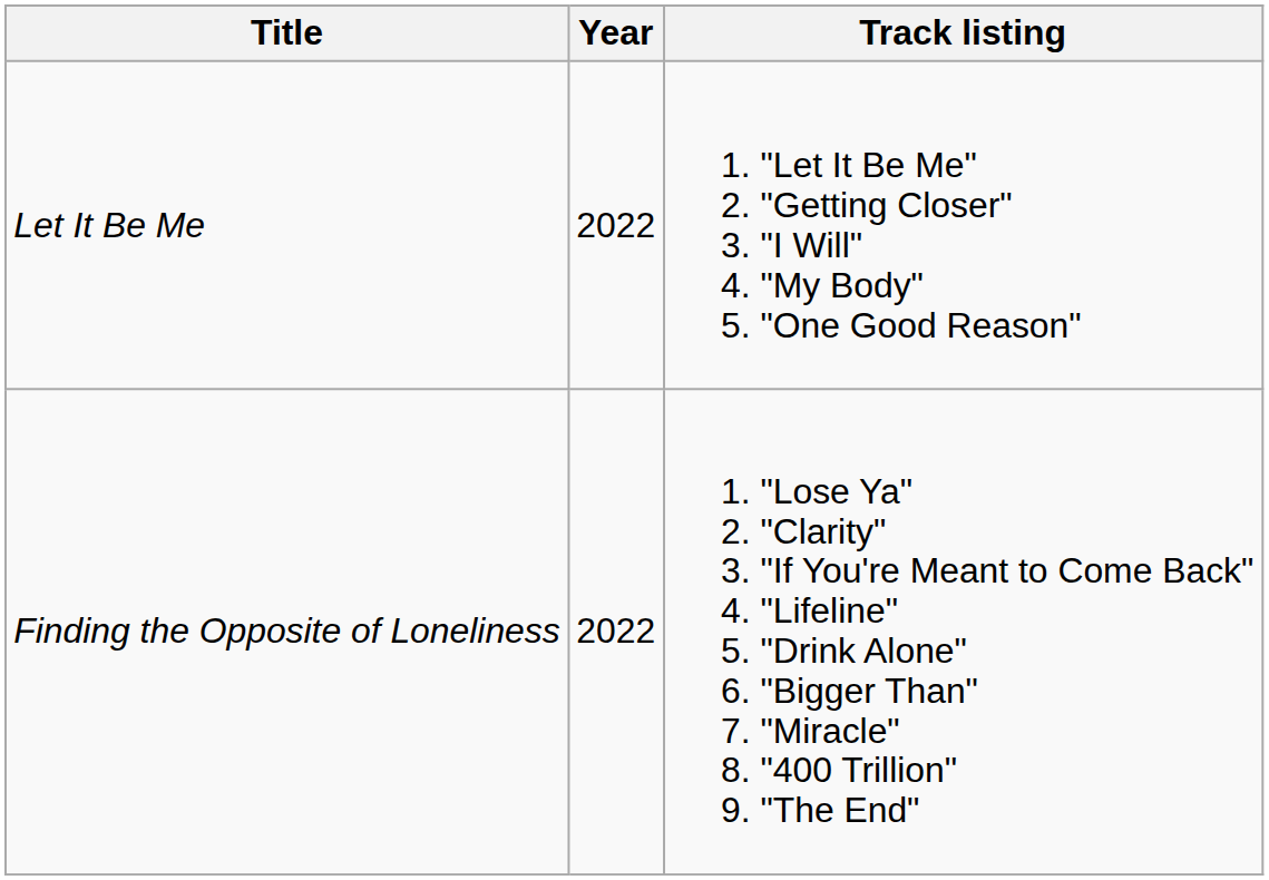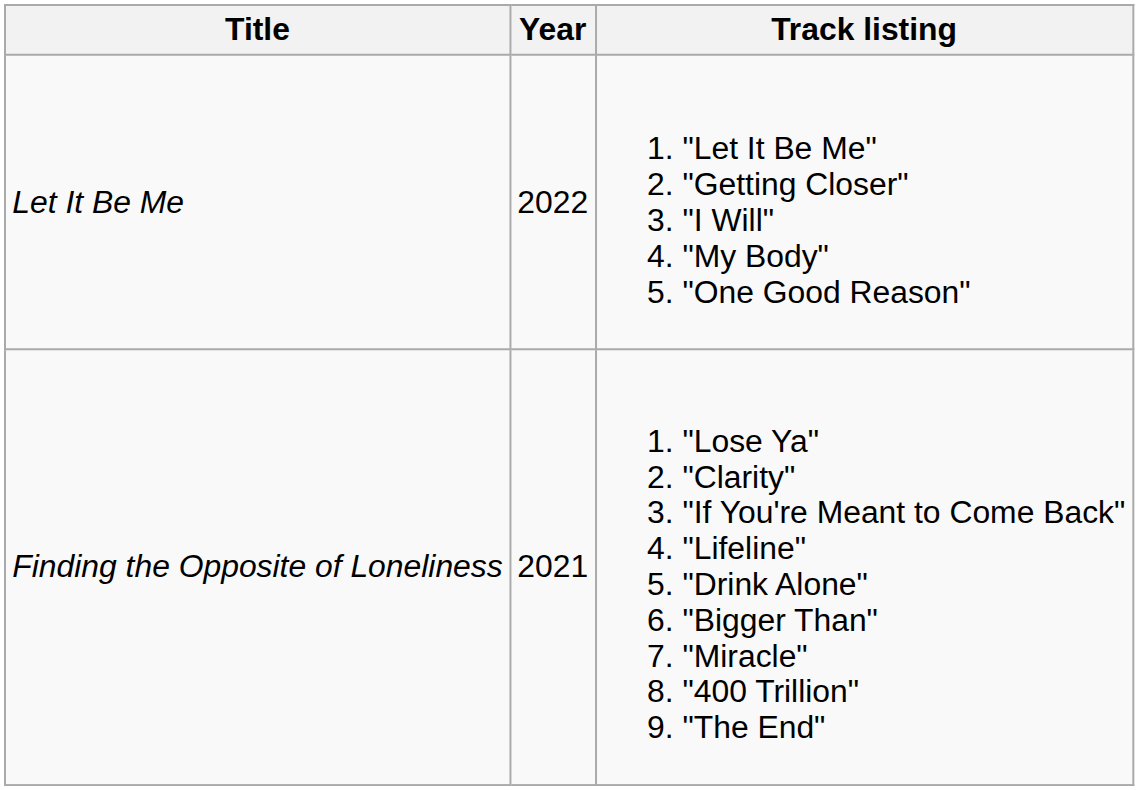 <table class="wikitable">
 <tr>
 <th>Title</th>
 <th>Year</th>
 <th>Track listing</th>
 </tr>
 <tr>
 <td><em>Let It Be Me</em></td>
 <td>2022</td>
 <td><br><ol><li>"Let It Be Me"</li><li>"Getting Closer"</li><li>"I Will"</li><li>"My Body"</li><li>"One Good Reason"</li></ol></td>
 </tr>
 <tr>
 <td><em>Finding the Opposite of Loneliness</em></td>
-<td>2022</td>
+<td>2021</td>
 <td><br><ol><li>"Lose Ya"</li><li>"Clarity"</li><li>"If You're Meant to Come Back"</li><li>"Lifeline"</li><li>"Drink Alone"</li><li>"Bigger Than"</li><li>"Miracle"</li><li>"400 Trillion"</li><li>"The End"</li></ol></td>
 </tr>
 </table>
